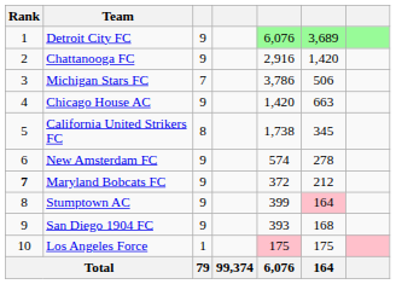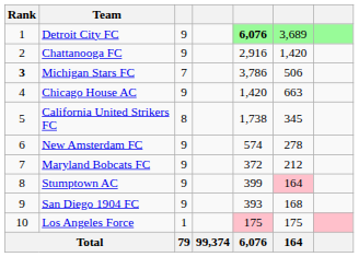 <table class="wikitable sortable" style=text-align:center>
 <tr>
 <th width=25>Rank</th>
 <th width=170>Team</th>
 <th></th>
 <th width=45></th>
 <th width=45></th>
 <th width=45></th>
 <th width=45></th>
 </tr>
 <tr>
 <td>1</td>
 <td align=left><a href='#'>Detroit City FC</a></td>
 <td>9</td>
 <td></td>
-<td bgcolor="#98fb98">6,076</td>
+<td bgcolor="#98fb98"><strong>6,076</strong></td>
 <td bgcolor="#98fb98">3,689</td>
 <td bgcolor="#98fb98"></td>
 </tr>
 <tr>
 <td>2</td>
 <td align=left><a href='#'>Chattanooga FC</a></td>
 <td>9</td>
 <td></td>
 <td>2,916</td>
 <td>1,420</td>
 <td></td>
 </tr>
 <tr>
-<td>3</td>
+<td><strong>3</strong></td>
 <td align=left><a href='#'>Michigan Stars FC</a></td>
 <td>7</td>
 <td></td>
 <td>3,786</td>
 <td>506</td>
 <td></td>
 </tr>
 <tr>
 <td>4</td>
 <td align=left><a href='#'>Chicago House AC</a></td>
 <td>9</td>
 <td></td>
 <td>1,420</td>
 <td>663</td>
 <td></td>
 </tr>
 <tr>
 <td>5</td>
 <td align=left><a href='#'>California United Strikers FC</a></td>
 <td>8</td>
 <td></td>
 <td>1,738</td>
 <td>345</td>
 <td></td>
 </tr>
 <tr>
 <td>6</td>
 <td align=left><a href='#'>New Amsterdam FC</a></td>
 <td>9</td>
 <td></td>
 <td>574</td>
 <td>278</td>
 <td></td>
 </tr>
 <tr>
-<td><strong>7</strong></td>
+<td>7</td>
 <td align=left><a href='#'>Maryland Bobcats FC</a></td>
 <td>9</td>
 <td></td>
 <td>372</td>
 <td>212</td>
 <td></td>
 </tr>
 <tr>
 <td>8</td>
 <td align=left><a href='#'>Stumptown AC</a></td>
 <td>9</td>
 <td></td>
 <td>399</td>
 <td bgcolor="#ffc0cb">164</td>
 <td></td>
 </tr>
 <tr>
 <td>9</td>
 <td align=left><a href='#'>San Diego 1904 FC</a></td>
 <td>9</td>
 <td></td>
 <td>393</td>
 <td>168</td>
 <td></td>
 </tr>
 <tr>
 <td>10</td>
 <td align=left><a href='#'>Los Angeles Force</a></td>
 <td>1</td>
 <td></td>
 <td bgcolor="#ffc0cb">175</td>
 <td>175</td>
 <td bgcolor="#ffc0cb"></td>
 </tr>
 <tr>
 <th colspan=2>Total</th>
 <th>79</th>
 <th>99,374</th>
 <th>6,076</th>
 <th>164</th>
 <th></th>
 </tr>
 </table>
